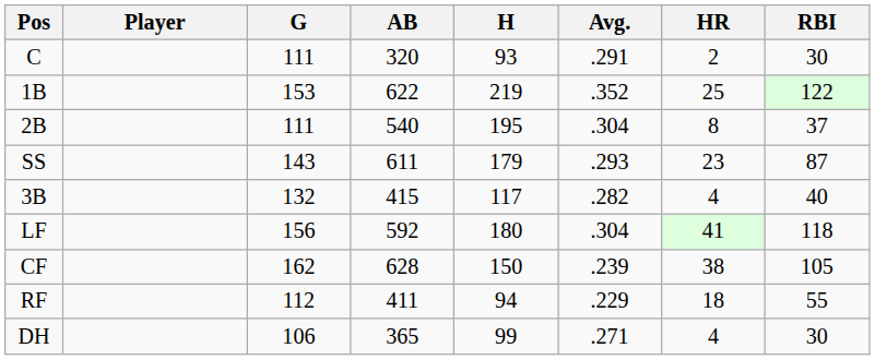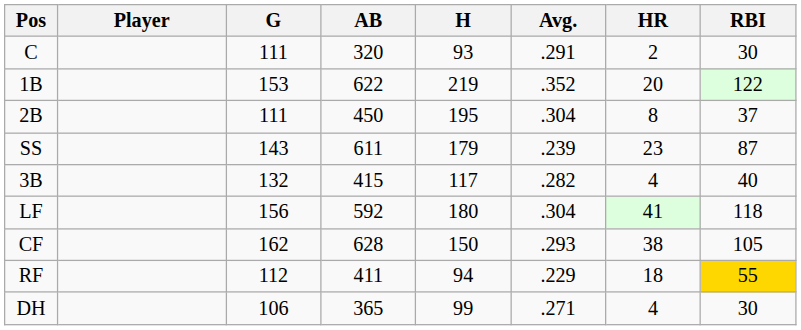 <table class="wikitable sortable">
 <tr>
 <th bgcolor="#DDDDFF" width="5%">Pos</th>
 <th bgcolor="#DDDDFF" width="16%">Player</th>
 <th bgcolor="#DDDDFF" width="9%">G</th>
 <th bgcolor="#DDDDFF" width="9%">AB</th>
 <th bgcolor="#DDDDFF" width="9%">H</th>
 <th bgcolor="#DDDDFF" width="9%">Avg.</th>
 <th bgcolor="#DDDDFF" width="9%">HR</th>
 <th bgcolor="#DDDDFF" width="9%">RBI</th>
 </tr>
 <tr align="center">
 <td>C</td>
 <td></td>
 <td>111</td>
 <td>320</td>
 <td>93</td>
 <td>.291</td>
 <td>2</td>
 <td>30</td>
 </tr>
 <tr align="center">
 <td>1B</td>
 <td></td>
 <td>153</td>
 <td>622</td>
 <td>219</td>
 <td>.352</td>
-<td>25</td>
+<td>20</td>
 <td style="background:#DDFFDD;">122</td>
 </tr>
 <tr align="center">
 <td>2B</td>
 <td></td>
 <td>111</td>
-<td>540</td>
+<td>450</td>
 <td>195</td>
 <td>.304</td>
 <td>8</td>
 <td>37</td>
 </tr>
 <tr align="center">
 <td>SS</td>
 <td></td>
 <td>143</td>
 <td>611</td>
 <td>179</td>
-<td>.293</td>
+<td>.239</td>
 <td>23</td>
 <td>87</td>
 </tr>
 <tr align="center">
 <td>3B</td>
 <td></td>
 <td>132</td>
 <td>415</td>
 <td>117</td>
 <td>.282</td>
 <td>4</td>
 <td>40</td>
 </tr>
 <tr align="center">
 <td>LF</td>
 <td></td>
 <td>156</td>
 <td>592</td>
 <td>180</td>
 <td>.304</td>
 <td style="background:#DDFFDD;">41</td>
 <td>118</td>
 </tr>
 <tr align="center">
 <td>CF</td>
 <td></td>
 <td>162</td>
 <td>628</td>
 <td>150</td>
-<td>.239</td>
+<td>.293</td>
 <td>38</td>
 <td>105</td>
 </tr>
 <tr align="center">
 <td>RF</td>
 <td></td>
 <td>112</td>
 <td>411</td>
 <td>94</td>
 <td>.229</td>
 <td>18</td>
-<td>55</td>
+<td style="background: gold;">55</td>
 </tr>
 <tr align="center">
 <td>DH</td>
 <td></td>
 <td>106</td>
 <td>365</td>
 <td>99</td>
 <td>.271</td>
 <td>4</td>
 <td>30</td>
 </tr>
 </table>
